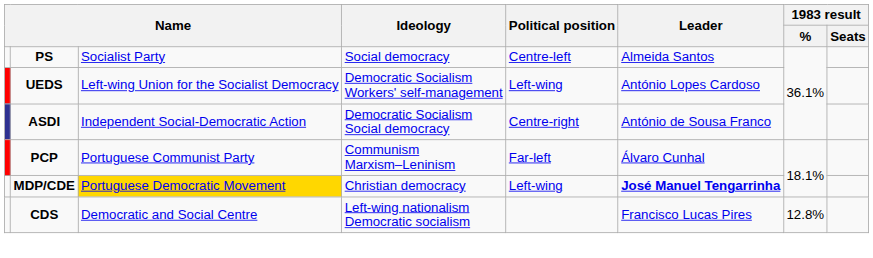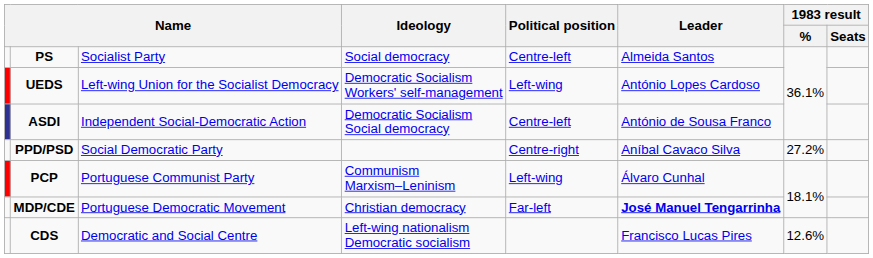 <table class="wikitable">
 <tr>
 <th rowspan="2" colspan="3">Name</th>
 <th rowspan="2">Ideology</th>
 <th rowspan="2">Political position</th>
 <th rowspan="2">Leader</th>
 <th colspan="2">1983 result</th>
 </tr>
 <tr>
 <th>%</th>
 <th>Seats</th>
 </tr>
 <tr>
 <td style="color:inherit;background:"></td>
 <td style="text-align:center;"><strong>PS</strong></td>
 <td><a href='#'>Socialist Party</a><br></td>
 <td><a href='#'>Social democracy</a></td>
 <td><a href='#'>Centre-left</a></td>
 <td><a href='#'>Almeida Santos</a></td>
 <td rowspan="3" style="text-align:center;">36.1%</td>
 <td></td>
 </tr>
 <tr>
 <td style="background:Red;"></td>
 <td style="text-align:center;"><strong>UEDS</strong></td>
 <td><a href='#'>Left-wing Union for the Socialist Democracy</a><br></td>
 <td><a href='#'>Democratic Socialism</a><br><a href='#'>Workers' self-management</a></td>
 <td><a href='#'>Left-wing</a></td>
 <td><a href='#'>António Lopes Cardoso</a></td>
 <td></td>
 </tr>
 <tr>
 <td style="background:#2E3191;"></td>
 <td style="text-align:center;"><strong>ASDI</strong></td>
 <td><a href='#'>Independent Social-Democratic Action</a><br></td>
 <td><a href='#'>Democratic Socialism</a><br><a href='#'>Social democracy</a></td>
+<td><a href='#'>Centre-left</a></td>
+<td><a href='#'>António de Sousa Franco</a></td>
+<td></td>
+</tr>
+<tr>
+<td style="color:inherit;background:"></td>
+<td style="text-align:center;"><strong>PPD/PSD</strong></td>
+<td><a href='#'>Social Democratic Party</a><br></td>
+<td></td>
 <td><a href='#'>Centre-right</a></td>
-<td><a href='#'>António de Sousa Franco</a></td>
+<td><a href='#'>Aníbal Cavaco Silva</a></td>
+<td style="text-align:center;">27.2%</td>
 <td></td>
 </tr>
 <tr>
 <td style="background:#f00;"></td>
 <td style="text-align:center;"><strong>PCP</strong></td>
 <td><a href='#'>Portuguese Communist Party</a><br></td>
 <td><a href='#'>Communism</a><br><a href='#'>Marxism–Leninism</a></td>
-<td><a href='#'>Far-left</a></td>
+<td><a href='#'>Left-wing</a></td>
 <td><a href='#'>Álvaro Cunhal</a></td>
 <td rowspan="2" style="text-align:center;"><br>18.1%<br></td>
 <td></td>
 </tr>
 <tr>
 <td style="color:inherit;background:"></td>
 <td style="text-align:center;"><strong>MDP/CDE</strong></td>
-<td style="background: gold;"><a href='#'>Portuguese Democratic Movement</a><br></td>
+<td><a href='#'>Portuguese Democratic Movement</a><br></td>
 <td><a href='#'>Christian democracy</a></td>
-<td><a href='#'>Left-wing</a></td>
+<td><a href='#'>Far-left</a></td>
 <td><strong><a href='#'>José Manuel Tengarrinha</a></strong></td>
 <td></td>
 </tr>
 <tr>
 <td style="color:inherit;background:"></td>
 <td style="text-align:center;"><strong>CDS</strong></td>
 <td><a href='#'>Democratic and Social Centre</a><br></td>
 <td><a href='#'>Left-wing nationalism</a><br><a href='#'>Democratic socialism</a></td>
 <td></td>
 <td><a href='#'>Francisco Lucas Pires</a></td>
-<td style="text-align:center;">12.8%</td>
+<td style="text-align:center;">12.6%</td>
 <td></td>
 </tr>
 </table>
